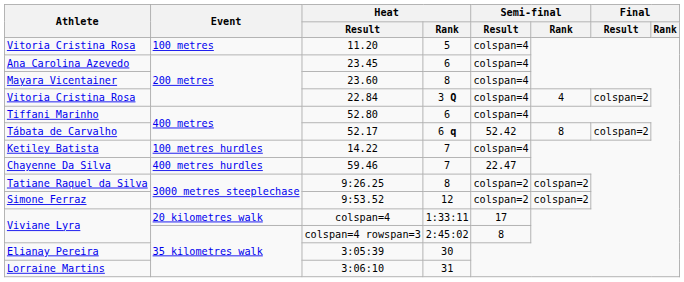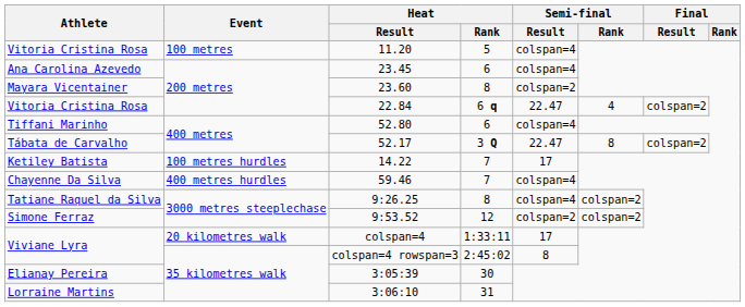 <table class="wikitable" style="font-size:90%">
 <tr>
 <th rowspan="2">Athlete</th>
 <th rowspan="2">Event</th>
 <th colspan="2">Heat</th>
 <th colspan="2">Semi-final</th>
 <th colspan="2">Final</th>
 </tr>
 <tr style="font-size:95%">
 <th>Result</th>
 <th>Rank</th>
 <th>Result</th>
 <th>Rank</th>
 <th>Result</th>
 <th>Rank</th>
 </tr>
 <tr align=center>
 <td align=left><a href='#'>Vitoria Cristina Rosa</a></td>
 <td align=left><a href='#'>100 metres</a></td>
 <td>11.20 </td>
 <td>5</td>
 <td>colspan=4 </td>
 </tr>
 <tr align=center>
 <td align=left><a href='#'>Ana Carolina Azevedo</a></td>
 <td align=left rowspan=3><a href='#'>200 metres</a></td>
 <td>23.45 </td>
 <td>6</td>
 <td>colspan=4 </td>
 </tr>
 <tr align=center>
 <td align=left><a href='#'>Mayara Vicentainer</a></td>
 <td>23.60 </td>
 <td>8</td>
-<td>colspan=4 </td>
+<td>colspan=2 </td>
 </tr>
 <tr align=center>
 <td align=left><a href='#'>Vitoria Cristina Rosa</a></td>
 <td>22.84 </td>
-<td>3 <strong>Q</strong></td>
-<td>colspan=4 </td>
+<td>6 <strong>q</strong></td>
+<td>22.47  </td>
 <td>4</td>
 <td>colspan=2 </td>
 </tr>
 <tr align=center>
 <td align=left><a href='#'>Tiffani Marinho</a></td>
 <td align=left rowspan=2><a href='#'>400 metres</a></td>
 <td>52.80</td>
 <td>6</td>
 <td>colspan=4 </td>
 </tr>
 <tr align=center>
 <td align=left><a href='#'>Tábata de Carvalho</a></td>
 <td>52.17</td>
-<td>6 <strong>q</strong></td>
-<td>52.42</td>
+<td>3 <strong>Q</strong></td>
+<td>22.47  </td>
 <td>8</td>
 <td>colspan=2 </td>
 </tr>
 <tr align=center>
 <td align=left><a href='#'>Ketiley Batista</a></td>
 <td align=left><a href='#'>100 metres hurdles</a></td>
 <td>14.22 </td>
 <td>7</td>
-<td>colspan=4 </td>
+<td>17</td>
 </tr>
 <tr align=center>
 <td align=left><a href='#'>Chayenne Da Silva</a></td>
 <td align=left><a href='#'>400 metres hurdles</a></td>
 <td>59.46</td>
 <td>7</td>
-<td>22.47  </td>
+<td>colspan=4 </td>
 </tr>
 <tr align=center>
 <td align=left><a href='#'>Tatiane Raquel da Silva</a></td>
 <td align=left rowspan=2><a href='#'>3000 metres steeplechase</a></td>
 <td>9:26.25</td>
 <td>8</td>
-<td>colspan=2 </td>
+<td>colspan=4 </td>
 <td>colspan=2 </td>
 </tr>
 <tr align=center>
 <td align=left><a href='#'>Simone Ferraz</a></td>
 <td>9:53.52</td>
 <td>12</td>
 <td>colspan=2 </td>
 <td>colspan=2 </td>
 </tr>
 <tr align=center>
 <td align=left rowspan=2><a href='#'>Viviane Lyra</a></td>
 <td align=left><a href='#'>20 kilometres walk</a></td>
 <td>colspan=4 </td>
 <td>1:33:11</td>
 <td>17</td>
 </tr>
 <tr align=center>
 <td align=left rowspan=3><a href='#'>35 kilometres walk</a></td>
 <td>colspan=4 rowspan=3 </td>
 <td>2:45:02</td>
 <td>8 <strong></strong></td>
 </tr>
 <tr align=center>
 <td align=left><a href='#'>Elianay Pereira</a></td>
 <td>3:05:39</td>
 <td>30 </td>
 </tr>
 <tr align=center>
 <td align=left><a href='#'>Lorraine Martins</a></td>
 <td>3:06:10</td>
 <td>31</td>
 </tr>
 </table>
